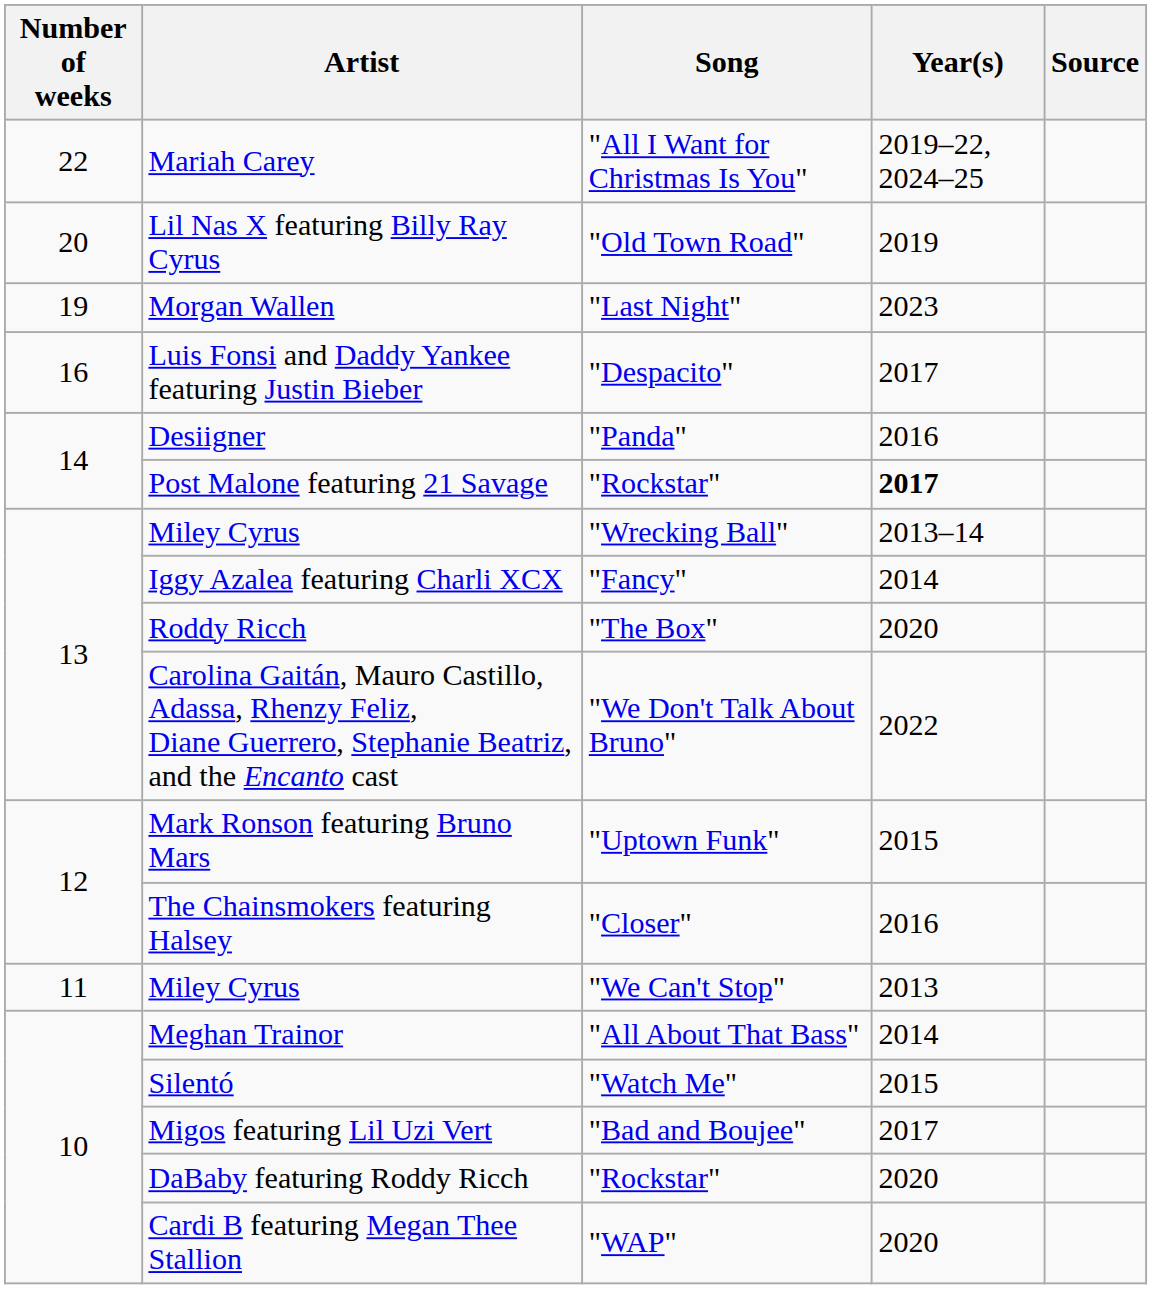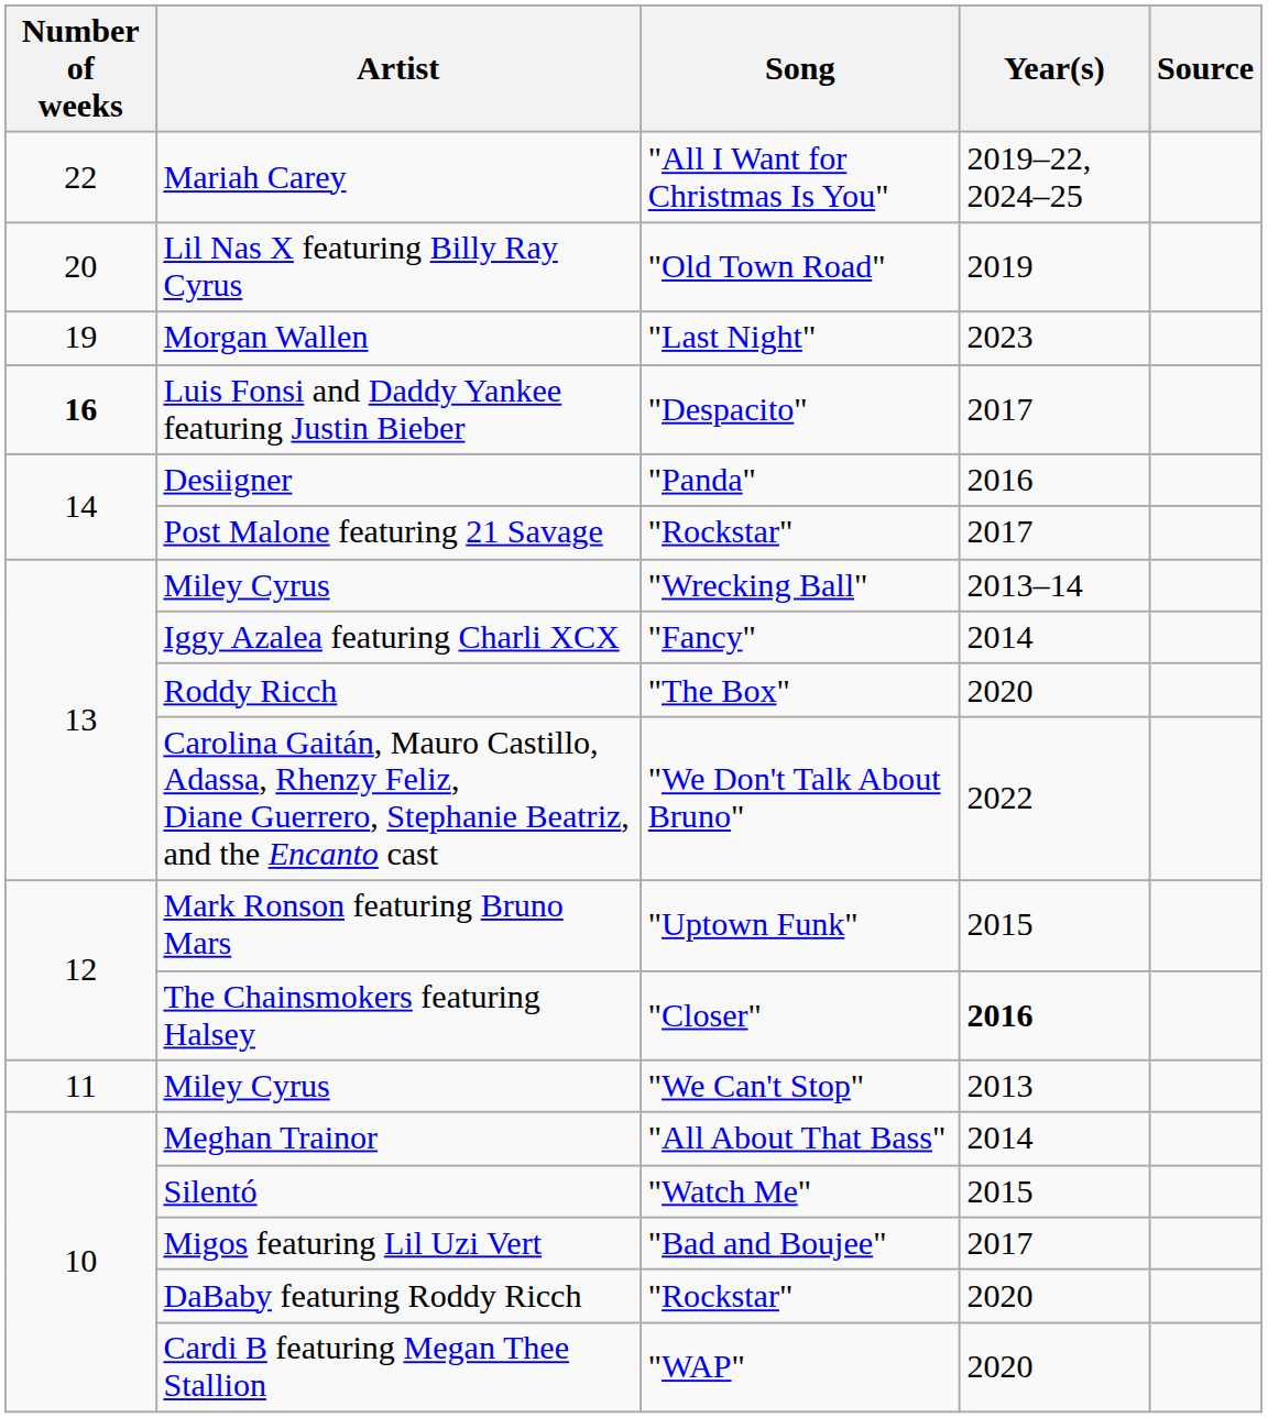 <table class="wikitable">
 <tr>
 <th>Number of <br> weeks</th>
 <th>Artist</th>
 <th>Song</th>
 <th>Year(s)</th>
 <th>Source</th>
 </tr>
 <tr>
 <td rowspan=1 style="text-align:center;">22</td>
 <td><a href='#'>Mariah Carey</a></td>
 <td>"<a href='#'>All I Want for Christmas Is You</a>"</td>
 <td>2019–22, 2024–25</td>
 <td></td>
 </tr>
 <tr>
 <td rowspan=1 style="text-align:center;">20</td>
 <td><a href='#'>Lil Nas X</a> featuring <a href='#'>Billy Ray Cyrus</a></td>
 <td>"<a href='#'>Old Town Road</a>"</td>
 <td>2019</td>
 <td></td>
 </tr>
 <tr>
 <td rowspan=1 style="text-align:center;">19</td>
 <td><a href='#'>Morgan Wallen</a></td>
 <td>"<a href='#'>Last Night</a>"</td>
 <td>2023</td>
 <td></td>
 </tr>
 <tr>
-<td style="text-align:center;">16</td>
+<td style="text-align:center;"><strong>16</strong></td>
 <td><a href='#'>Luis Fonsi</a> and <a href='#'>Daddy Yankee</a> featuring <a href='#'>Justin Bieber</a></td>
 <td>"<a href='#'>Despacito</a>"</td>
 <td>2017</td>
 <td></td>
 </tr>
 <tr>
 <td rowspan="2" style="text-align:center;">14</td>
 <td><a href='#'>Desiigner</a></td>
 <td>"<a href='#'>Panda</a>"</td>
 <td>2016</td>
 <td></td>
 </tr>
 <tr>
 <td><a href='#'>Post Malone</a> featuring <a href='#'>21 Savage</a></td>
 <td>"<a href='#'>Rockstar</a>"</td>
-<td><strong>2017</strong></td>
+<td>2017</td>
 <td></td>
 </tr>
 <tr>
 <td rowspan="4" style="text-align:center;">13</td>
 <td><a href='#'>Miley Cyrus</a></td>
 <td>"<a href='#'>Wrecking Ball</a>"</td>
 <td>2013–14</td>
 <td></td>
 </tr>
 <tr>
 <td><a href='#'>Iggy Azalea</a> featuring <a href='#'>Charli XCX</a></td>
 <td>"<a href='#'>Fancy</a>"</td>
 <td>2014</td>
 <td></td>
 </tr>
 <tr>
 <td><a href='#'>Roddy Ricch</a></td>
 <td>"<a href='#'>The Box</a>"</td>
 <td>2020</td>
 <td></td>
 </tr>
 <tr>
 <td><a href='#'>Carolina Gaitán</a>, Mauro Castillo, <a href='#'>Adassa</a>, <a href='#'>Rhenzy Feliz</a>,<br><a href='#'>Diane Guerrero</a>, <a href='#'>Stephanie Beatriz</a>, and the <em><a href='#'>Encanto</a></em> cast</td>
 <td>"<a href='#'>We Don't Talk About Bruno</a>"</td>
 <td>2022</td>
 <td></td>
 </tr>
 <tr>
 <td rowspan="2" style="text-align:center;">12</td>
 <td><a href='#'>Mark Ronson</a> featuring <a href='#'>Bruno Mars</a></td>
 <td>"<a href='#'>Uptown Funk</a>"</td>
 <td>2015</td>
 <td></td>
 </tr>
 <tr>
 <td><a href='#'>The Chainsmokers</a> featuring <a href='#'>Halsey</a></td>
 <td>"<a href='#'>Closer</a>"</td>
-<td>2016</td>
+<td><strong>2016</strong></td>
 <td></td>
 </tr>
 <tr>
 <td style="text-align:center;">11</td>
 <td><a href='#'>Miley Cyrus</a></td>
 <td>"<a href='#'>We Can't Stop</a>"</td>
 <td>2013</td>
 <td></td>
 </tr>
 <tr>
 <td rowspan="5" style="text-align:center;">10</td>
 <td><a href='#'>Meghan Trainor</a></td>
 <td>"<a href='#'>All About That Bass</a>"</td>
 <td>2014</td>
 <td></td>
 </tr>
 <tr>
 <td><a href='#'>Silentó</a></td>
 <td>"<a href='#'>Watch Me</a>"</td>
 <td>2015</td>
 <td></td>
 </tr>
 <tr>
 <td><a href='#'>Migos</a> featuring <a href='#'>Lil Uzi Vert</a></td>
 <td>"<a href='#'>Bad and Boujee</a>"</td>
 <td>2017</td>
 <td></td>
 </tr>
 <tr>
 <td><a href='#'>DaBaby</a> featuring Roddy Ricch</td>
 <td>"<a href='#'>Rockstar</a>"</td>
 <td>2020</td>
 <td></td>
 </tr>
 <tr>
 <td><a href='#'>Cardi B</a> featuring <a href='#'>Megan Thee Stallion</a></td>
 <td>"<a href='#'>WAP</a>"</td>
 <td>2020</td>
 <td></td>
 </tr>
 </table>
